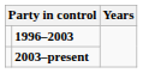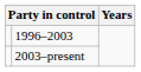 <table class="wikitable">
 <tr>
 <th colspan="2">Party in control</th>
 <th>Years</th>
 </tr>
 <tr>
 <td></td>
-<td><strong>1996–2003</strong></td>
+<td>1996–2003</td>
 </tr>
 <tr>
 <td></td>
-<td><strong>2003–present</strong></td>
+<td>2003–present</td>
 </tr>
 </table>
